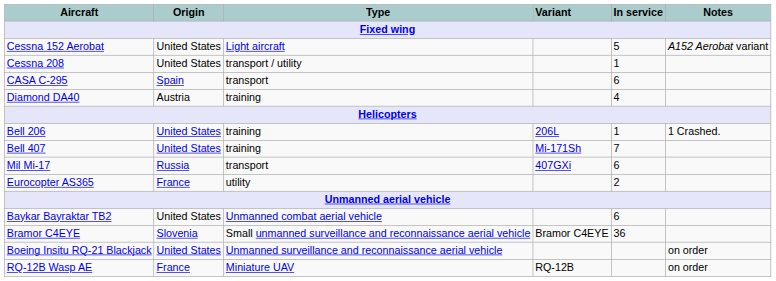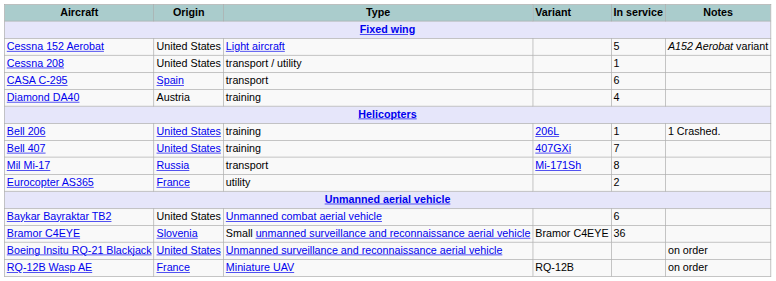 <table class="wikitable">
 <tr>
 <th style="text-align:center; background:#acc;">Aircraft</th>
 <th style="text-align: center; background:#acc;">Origin</th>
 <th style="text-align:l center; background:#acc;">Type</th>
 <th style="text-align:left; background:#acc;">Variant</th>
 <th style="text-align:center; background:#acc;">In service</th>
 <th style="text-align: center; background:#acc;">Notes</th>
 </tr>
 <tr>
 <th style="align: center; background: lavender;" colspan="6"><a href='#'>Fixed wing</a></th>
 </tr>
 <tr>
 <td><a href='#'>Cessna 152 Aerobat</a></td>
 <td>United States</td>
 <td><a href='#'>Light aircraft</a></td>
 <td></td>
 <td>5</td>
 <td><em>A152 Aerobat</em> variant</td>
 </tr>
 <tr>
 <td><a href='#'>Cessna 208</a></td>
 <td>United States</td>
 <td>transport / utility</td>
 <td></td>
 <td>1</td>
 <td></td>
 </tr>
 <tr>
 <td><a href='#'>CASA C-295</a></td>
 <td><a href='#'>Spain</a></td>
 <td>transport</td>
 <td></td>
 <td>6</td>
 <td></td>
 </tr>
 <tr>
 <td><a href='#'>Diamond DA40</a></td>
 <td>Austria</td>
 <td>training</td>
 <td></td>
 <td>4</td>
 <td></td>
 </tr>
 <tr>
 <th style="align: center; background: lavender;" colspan="6"><a href='#'>Helicopters</a></th>
 </tr>
 <tr>
 <td><a href='#'>Bell 206</a></td>
 <td><a href='#'>United States</a></td>
 <td>training</td>
 <td><a href='#'>206L</a></td>
 <td>1</td>
 <td>1 Crashed.</td>
 </tr>
 <tr>
 <td><a href='#'>Bell 407</a></td>
 <td><a href='#'>United States</a></td>
 <td>training</td>
-<td><a href='#'>Mi-171Sh</a></td>
+<td><a href='#'>407GXi</a></td>
 <td>7 </td>
 <td></td>
 </tr>
 <tr>
 <td><a href='#'>Mil Mi-17</a></td>
 <td><a href='#'>Russia</a></td>
 <td>transport</td>
-<td><a href='#'>407GXi</a></td>
-<td>6</td>
+<td><a href='#'>Mi-171Sh</a></td>
+<td>8</td>
 <td></td>
 </tr>
 <tr>
 <td><a href='#'>Eurocopter AS365</a></td>
 <td><a href='#'>France</a></td>
 <td>utility</td>
 <td></td>
 <td>2 </td>
 <td></td>
 </tr>
 <tr>
 <th style="align: center; background: lavender;" colspan="6"><a href='#'>Unmanned aerial vehicle</a></th>
 </tr>
 <tr>
 <td><a href='#'>Baykar Bayraktar TB2</a></td>
 <td>United States</td>
 <td><a href='#'>Unmanned combat aerial vehicle</a></td>
 <td></td>
 <td>6</td>
 <td></td>
 </tr>
 <tr>
 <td><a href='#'>Bramor C4EYE</a></td>
 <td><a href='#'>Slovenia</a></td>
 <td>Small <a href='#'>unmanned surveillance and reconnaissance aerial vehicle</a></td>
 <td>Bramor C4EYE</td>
 <td>36</td>
 <td></td>
 </tr>
 <tr>
 <td><a href='#'>Boeing Insitu RQ-21 Blackjack</a></td>
 <td><a href='#'>United States</a></td>
 <td><a href='#'>Unmanned surveillance and reconnaissance aerial vehicle</a></td>
 <td></td>
 <td></td>
 <td>on order</td>
 </tr>
 <tr>
 <td><a href='#'>RQ-12B Wasp AE</a></td>
 <td><a href='#'>France</a></td>
 <td><a href='#'>Miniature UAV</a></td>
 <td>RQ-12B</td>
 <td></td>
 <td>on order</td>
 </tr>
 </table>
